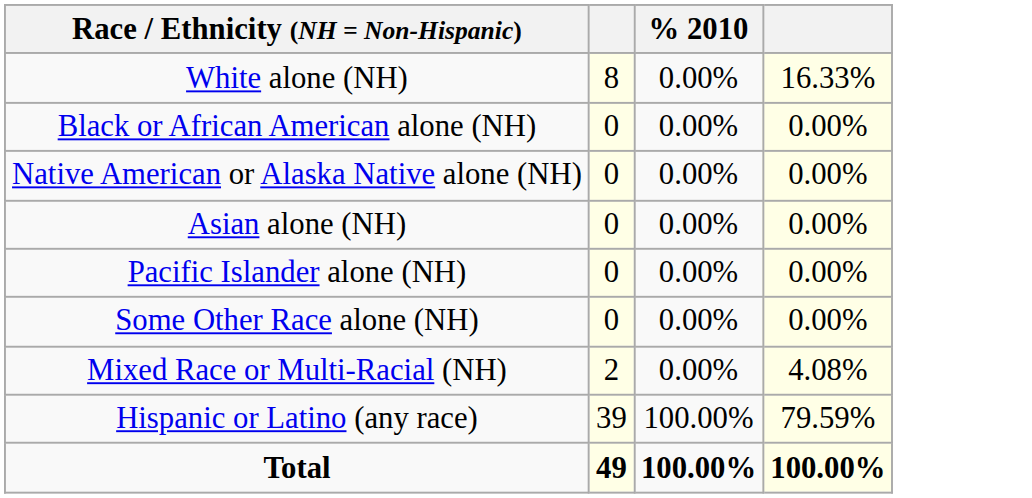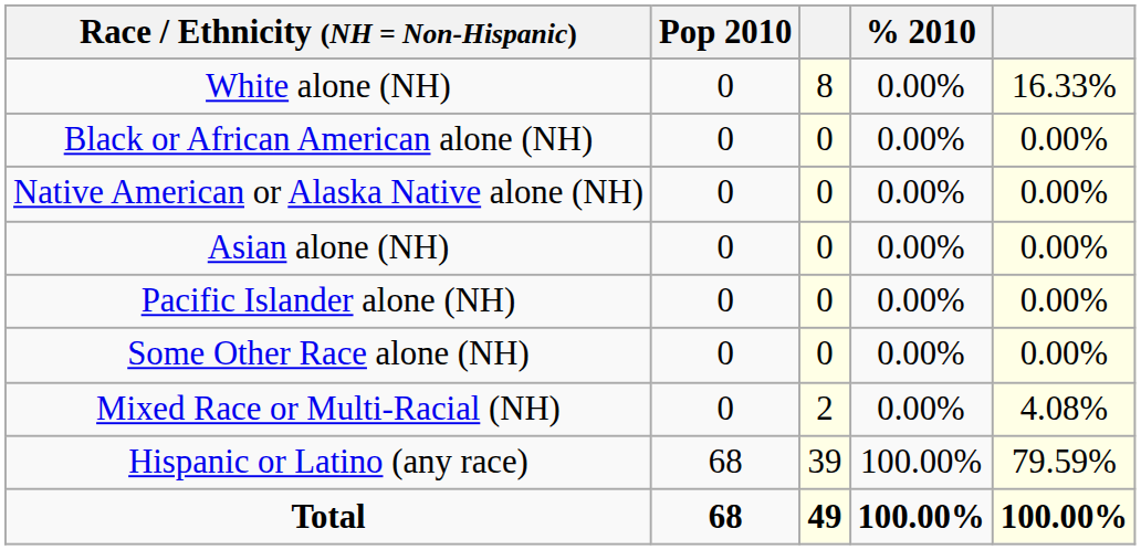 <table class="wikitable" style="text-align:center;">
 <tr>
 <th>Race / Ethnicity <small>(<em>NH = Non-Hispanic</em>)</small></th>
+<th>Pop 2010</th>
 <th></th>
 <th>% 2010</th>
 <th></th>
 </tr>
 <tr>
 <td><a href='#'>White</a> alone (NH)</td>
+<td>0</td>
 <td style='background: #ffffe6;'>8</td>
 <td>0.00%</td>
 <td style='background: #ffffe6;'>16.33%</td>
 </tr>
 <tr>
 <td><a href='#'>Black or African American</a> alone (NH)</td>
+<td>0</td>
 <td style='background: #ffffe6;'>0</td>
 <td>0.00%</td>
 <td style='background: #ffffe6;'>0.00%</td>
 </tr>
 <tr>
 <td><a href='#'>Native American</a> or <a href='#'>Alaska Native</a> alone (NH)</td>
+<td>0</td>
 <td style='background: #ffffe6;'>0</td>
 <td>0.00%</td>
 <td style='background: #ffffe6;'>0.00%</td>
 </tr>
 <tr>
 <td><a href='#'>Asian</a> alone (NH)</td>
+<td>0</td>
 <td style='background: #ffffe6;'>0</td>
 <td>0.00%</td>
 <td style='background: #ffffe6;'>0.00%</td>
 </tr>
 <tr>
 <td><a href='#'>Pacific Islander</a> alone (NH)</td>
+<td>0</td>
 <td style='background: #ffffe6;'>0</td>
 <td>0.00%</td>
 <td style='background: #ffffe6;'>0.00%</td>
 </tr>
 <tr>
 <td><a href='#'>Some Other Race</a> alone (NH)</td>
+<td>0</td>
 <td style='background: #ffffe6;'>0</td>
 <td>0.00%</td>
 <td style='background: #ffffe6;'>0.00%</td>
 </tr>
 <tr>
 <td><a href='#'>Mixed Race or Multi-Racial</a> (NH)</td>
+<td>0</td>
 <td style='background: #ffffe6;'>2</td>
 <td>0.00%</td>
 <td style='background: #ffffe6;'>4.08%</td>
 </tr>
 <tr>
 <td><a href='#'>Hispanic or Latino</a> (any race)</td>
+<td>68</td>
 <td style='background: #ffffe6;'>39</td>
 <td>100.00%</td>
 <td style='background: #ffffe6;'>79.59%</td>
 </tr>
 <tr>
 <td><strong>Total</strong></td>
+<td><strong>68</strong></td>
 <td style='background: #ffffe6;'><strong>49</strong></td>
 <td><strong>100.00%</strong></td>
 <td style='background: #ffffe6;'><strong>100.00%</strong></td>
 </tr>
 </table>
